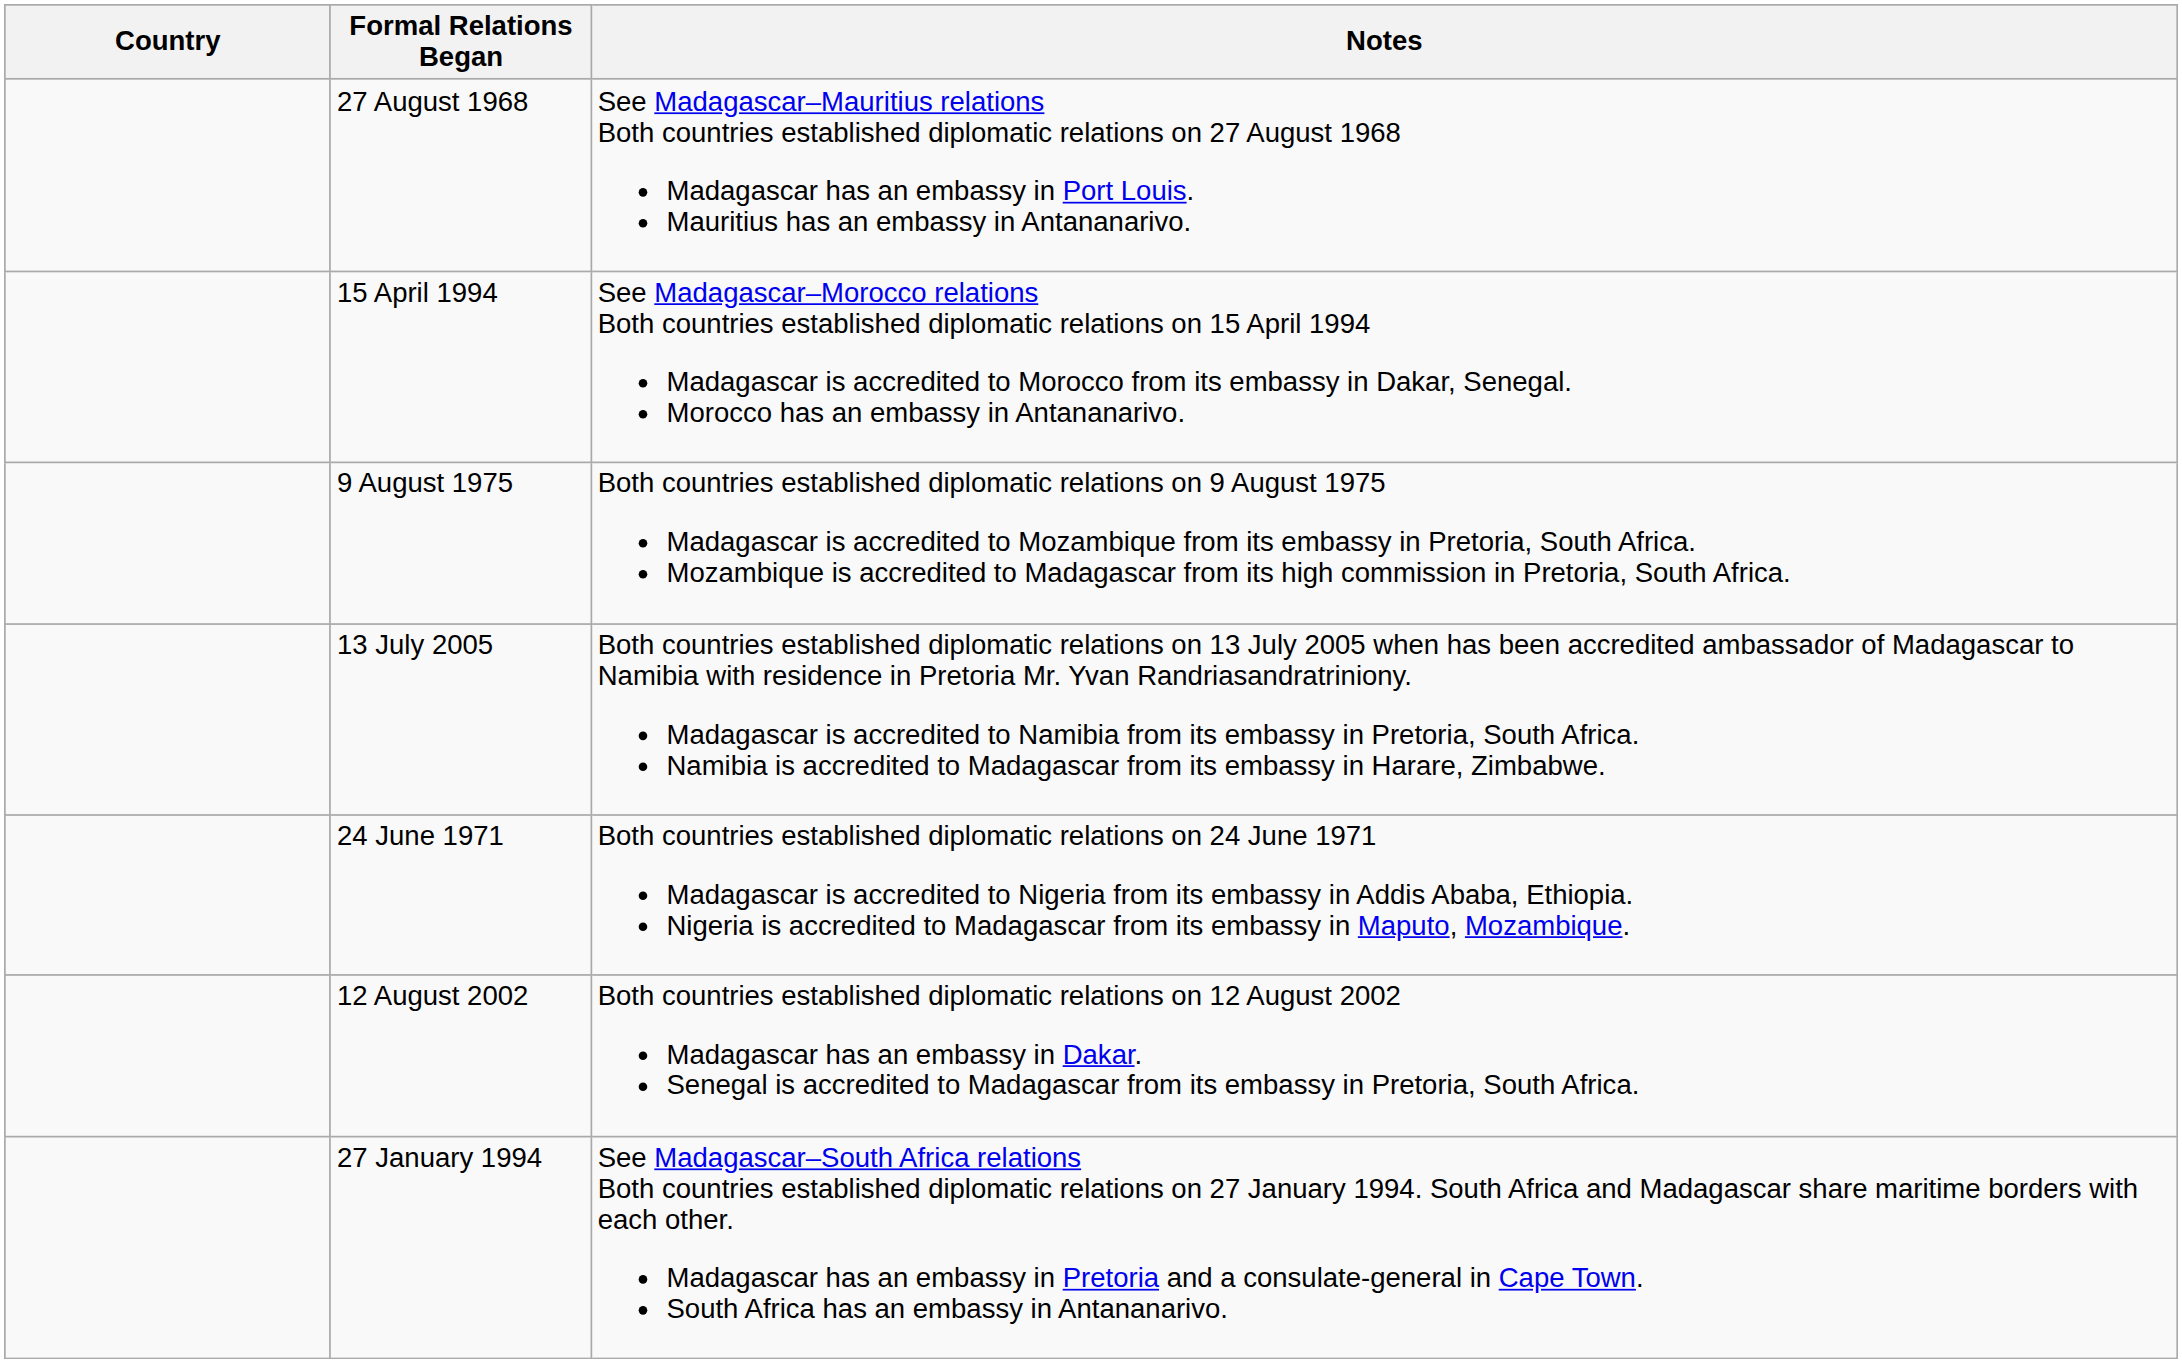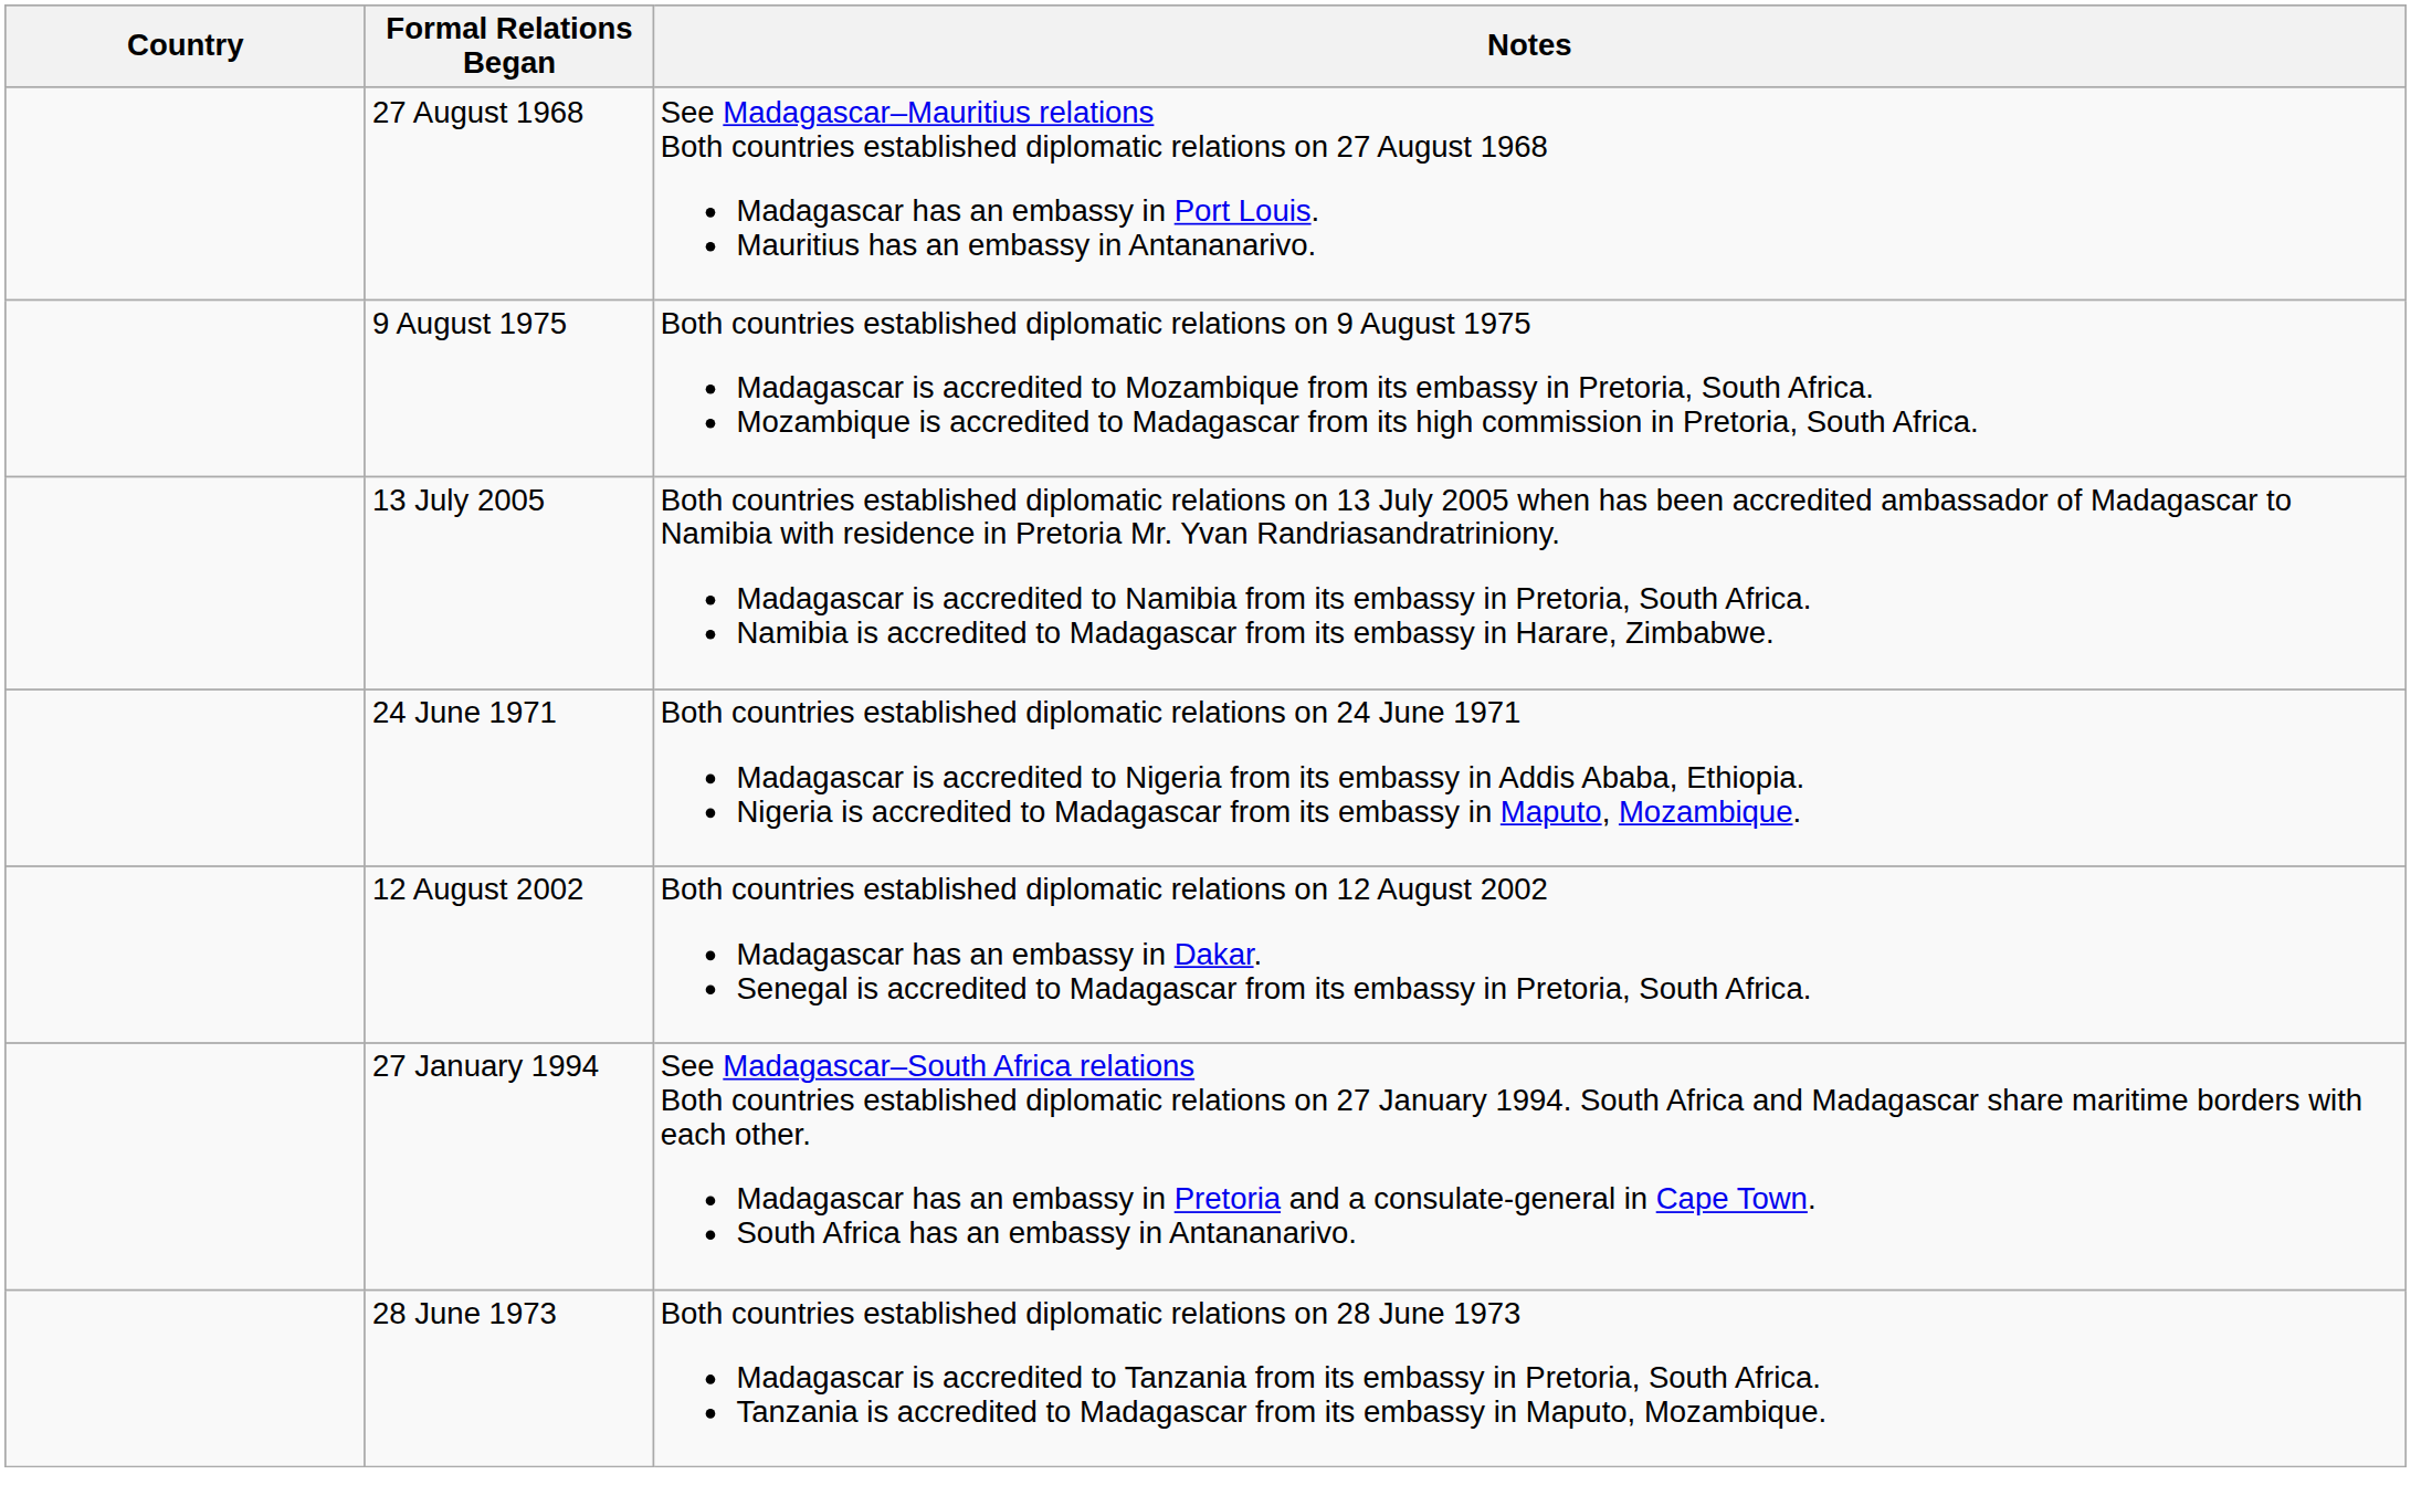 <table class="wikitable sortable" style="width:100%; margin:auto;">
 <tr>
 <th style="width:15%;">Country</th>
 <th style="width:12%;">Formal Relations Began</th>
 <th>Notes</th>
 </tr>
 <tr valign="top">
 <td></td>
 <td>27 August 1968</td>
 <td>See <a href='#'>Madagascar–Mauritius relations</a><br>Both countries established diplomatic relations on 27 August 1968<ul><li>Madagascar has an embassy in <a href='#'>Port Louis</a>.</li><li>Mauritius has an embassy in Antananarivo.</li></ul></td>
-</tr>
-<tr valign="top">
-<td></td>
-<td>15 April 1994</td>
-<td>See <a href='#'>Madagascar–Morocco relations</a><br>Both countries established diplomatic relations on 15 April 1994<ul><li>Madagascar is accredited to Morocco from its embassy in Dakar, Senegal.</li><li>Morocco has an embassy in Antananarivo.</li></ul></td>
 </tr>
 <tr valign="top">
 <td></td>
 <td>9 August 1975</td>
 <td>Both countries established diplomatic relations on 9 August 1975<br><ul><li>Madagascar is accredited to Mozambique from its embassy in Pretoria, South Africa.</li><li>Mozambique is accredited to Madagascar from its high commission in Pretoria, South Africa.</li></ul></td>
 </tr>
 <tr valign="top">
 <td></td>
 <td>13 July 2005</td>
 <td>Both countries established diplomatic relations on 13 July 2005 when has been accredited ambassador of Madagascar to Namibia with residence in Pretoria Mr. Yvan Randriasandratriniony.<br><ul><li>Madagascar is accredited to Namibia from its embassy in Pretoria, South Africa.</li><li>Namibia is accredited to Madagascar from its embassy in Harare, Zimbabwe.</li></ul></td>
 </tr>
 <tr valign="top">
 <td></td>
 <td>24 June 1971</td>
 <td>Both countries established diplomatic relations on 24 June 1971<br><ul><li>Madagascar is accredited to Nigeria from its embassy in Addis Ababa, Ethiopia.</li><li>Nigeria is accredited to Madagascar from its embassy in <a href='#'>Maputo</a>, <a href='#'>Mozambique</a>.</li></ul></td>
 </tr>
 <tr valign="top">
 <td></td>
 <td>12 August 2002</td>
 <td>Both countries established diplomatic relations on 12 August 2002<br><ul><li>Madagascar has an embassy in <a href='#'>Dakar</a>.</li><li>Senegal is accredited to Madagascar from its embassy in Pretoria, South Africa.</li></ul></td>
 </tr>
 <tr valign="top">
 <td></td>
 <td>27 January 1994</td>
 <td>See <a href='#'>Madagascar–South Africa relations</a><br>Both countries established diplomatic relations on 27 January 1994. South Africa and Madagascar share maritime borders with each other.<ul><li>Madagascar has an embassy in <a href='#'>Pretoria</a> and a consulate-general in <a href='#'>Cape Town</a>.</li><li>South Africa has an embassy in Antananarivo.</li></ul></td>
 </tr>
+<tr valign="top">
+<td></td>
+<td>28 June 1973</td>
+<td>Both countries established diplomatic relations on 28 June 1973<br><ul><li>Madagascar is accredited to Tanzania from its embassy in Pretoria, South Africa.</li><li>Tanzania is accredited to Madagascar from its embassy in Maputo, Mozambique.</li></ul></td>
+</tr>
 </table>
